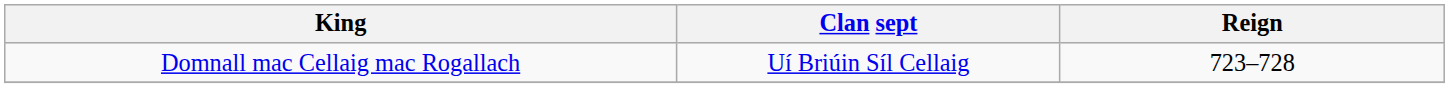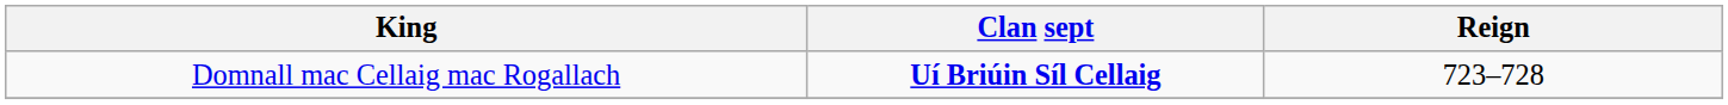 <table width=75% class="wikitable">
 <tr>
 <th width=35%>King</th>
 <th width=20%><a href='#'>Clan</a> <a href='#'>sept</a></th>
 <th width=20%>Reign</th>
 </tr>
 <tr>
 <td align="center"><a href='#'>Domnall mac Cellaig mac Rogallach</a></td>
-<td align="center"><a href='#'>Uí Briúin Síl Cellaig</a></td>
+<td align="center"><strong><a href='#'>Uí Briúin Síl Cellaig</a></strong></td>
 <td align="center">723–728</td>
 </tr>
 <tr>
 </tr>
 </table>
